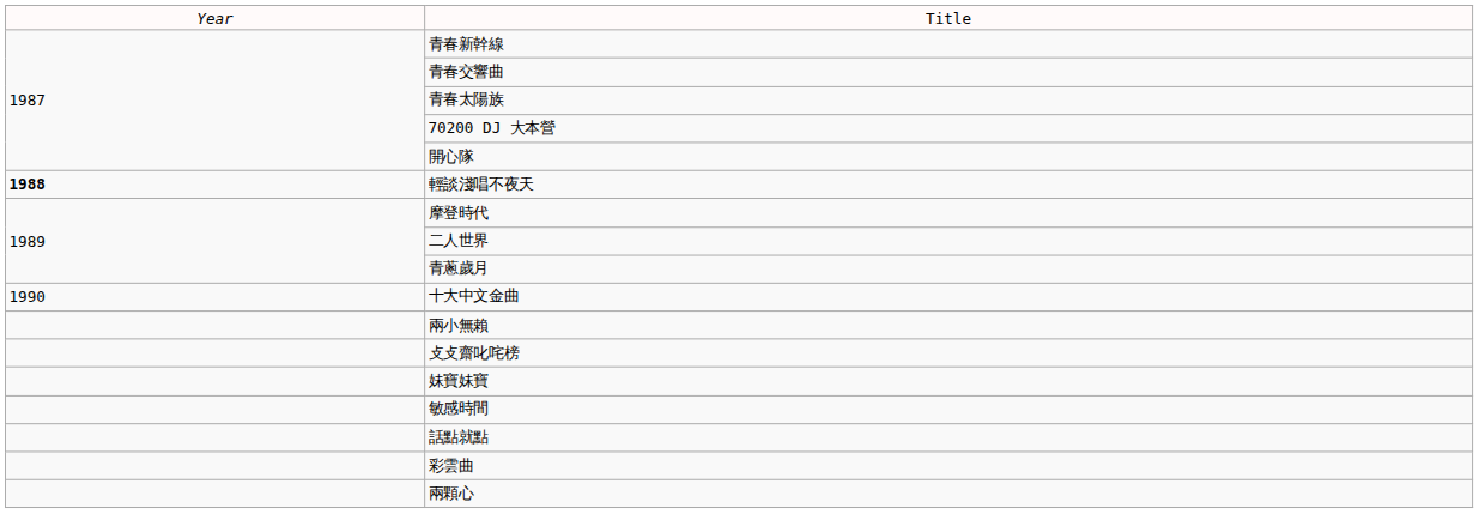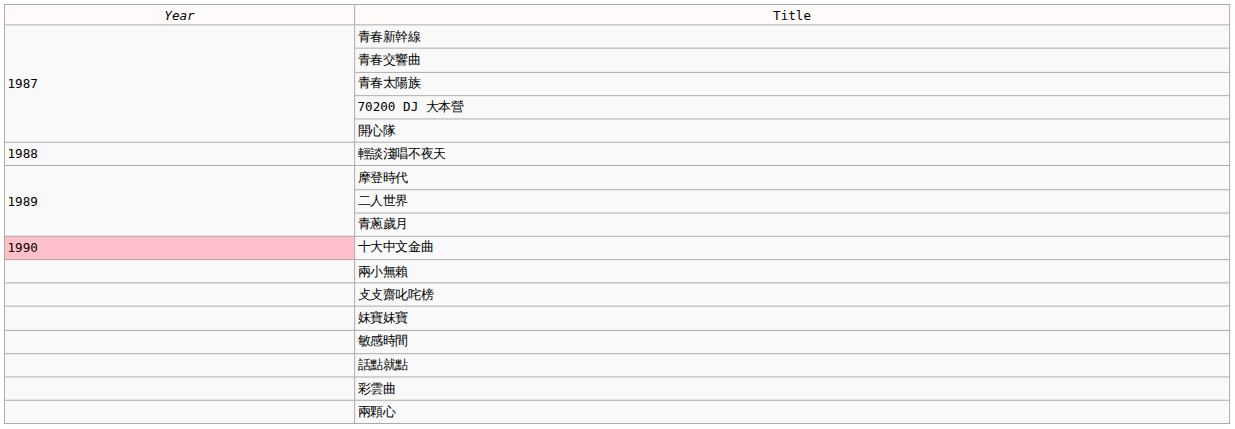 <table class="wikitable" width="100%">
 <tr style="background:snow; color:black" align=center>
 <td style="width:10%"><em>Year</em></td>
 <td style="width:25%">Title</td>
 </tr>
 <tr ---->
 <td rowspan="5" width="10%">1987</td>
 <td>青春新幹線</td>
 </tr>
 <tr ---->
 <td>青春交響曲</td>
 </tr>
 <tr ---->
 <td>青春太陽族</td>
 </tr>
 <tr ---->
 <td>70200 DJ 大本營</td>
 </tr>
 <tr ---->
 <td>開心隊</td>
 </tr>
 <tr ---->
-<td rowspan="1" width="10%"><strong>1988</strong></td>
+<td rowspan="1" width="10%">1988</td>
 <td>輕談淺唱不夜天</td>
 </tr>
 <tr ---->
 <td rowspan="3" width="10%">1989</td>
 <td>摩登時代</td>
 </tr>
 <tr ---->
 <td>二人世界</td>
 </tr>
 <tr ---->
 <td>青蔥歲月</td>
 </tr>
 <tr ---->
-<td rowspan="1" width="10%">1990</td>
+<td rowspan="1" width="10%" style="background: pink;">1990</td>
 <td>十大中文金曲</td>
 </tr>
 <tr ---->
 <td rowspan="1" width="10%"></td>
 <td>兩小無賴</td>
 </tr>
 <tr ---->
 <td rowspan="1" width="10%"></td>
 <td>攴攴齋叱咤榜</td>
 </tr>
 <tr ---->
 <td rowspan="1" width="10%"></td>
 <td>妹寶妹寶</td>
 </tr>
 <tr ---->
 <td rowspan="1" width="10%"></td>
 <td>敏感時間</td>
 </tr>
 <tr ---->
 <td rowspan="1" width="10%"></td>
 <td>話點就點</td>
 </tr>
 <tr ---->
 <td rowspan="1" width="10%"></td>
 <td>彩雲曲</td>
 </tr>
 <tr ---->
 <td rowspan="1" width="10%"></td>
 <td>兩顆心</td>
 </tr>
 <tr ---->
 </tr>
 </table>
